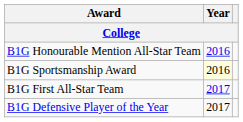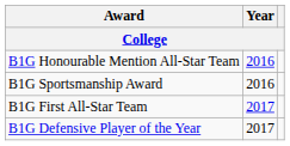 <table class="wikitable">
 <tr>
 <th>Award</th>
 <th>Year</th>
 <th></th>
 </tr>
 <tr ALIGN="center" bgcolor="#e0e0e0">
 <th colspan="3"><a href='#'>College</a></th>
 </tr>
 <tr>
 <td><a href='#'>B1G</a> Honourable Mention All-Star Team</td>
 <td><a href='#'>2016</a></td>
 <td></td>
 </tr>
 <tr>
 <td>B1G Sportsmanship Award</td>
-<td style="background: lightyellow;">2016</td>
+<td>2016</td>
 <td></td>
 </tr>
 <tr>
 <td>B1G First All-Star Team</td>
 <td><a href='#'>2017</a></td>
 <td></td>
 </tr>
 <tr>
 <td><a href='#'>B1G Defensive Player of the Year</a></td>
 <td>2017</td>
 <td></td>
 </tr>
 </table>
